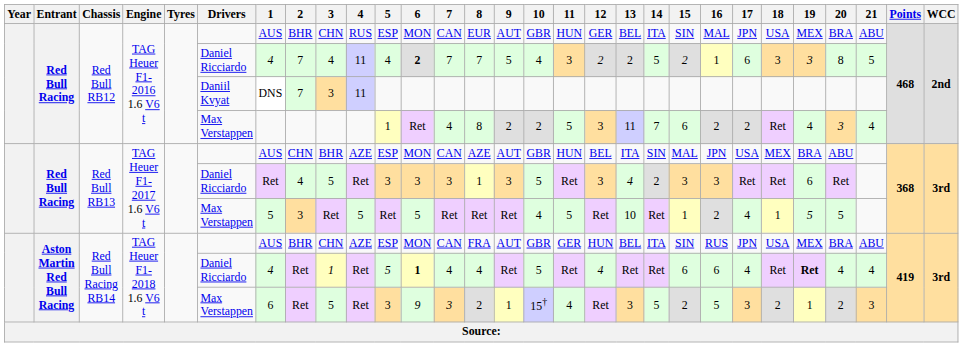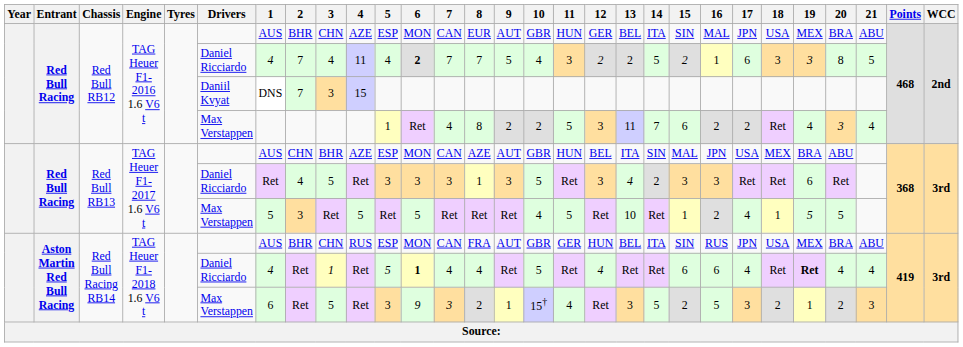 <table class="wikitable" style="text-align:center; font-size:85%;">
 <tr>
 <th>Year</th>
 <th>Entrant</th>
 <th>Chassis</th>
 <th>Engine</th>
 <th>Tyres</th>
 <th>Drivers</th>
 <th>1</th>
 <th>2</th>
 <th>3</th>
 <th>4</th>
 <th>5</th>
 <th>6</th>
 <th>7</th>
 <th>8</th>
 <th>9</th>
 <th>10</th>
 <th>11</th>
 <th>12</th>
 <th>13</th>
 <th>14</th>
 <th>15</th>
 <th>16</th>
 <th>17</th>
 <th>18</th>
 <th>19</th>
 <th>20</th>
 <th>21</th>
 <th><a href='#'>Points</a></th>
 <th>WCC</th>
 </tr>
 <tr>
 <th rowspan="4"></th>
 <th rowspan="4"><a href='#'>Red Bull Racing</a></th>
 <td rowspan="4"><a href='#'>Red Bull RB12</a></td>
 <td rowspan="4"><a href='#'>TAG Heuer F1-2016</a> 1.6 <a href='#'>V6</a> <a href='#'>t</a></td>
 <td rowspan="4"></td>
 <td></td>
 <td><a href='#'>AUS</a></td>
 <td><a href='#'>BHR</a></td>
 <td><a href='#'>CHN</a></td>
-<td><a href='#'>RUS</a></td>
+<td><a href='#'>AZE</a></td>
 <td><a href='#'>ESP</a></td>
 <td><a href='#'>MON</a></td>
 <td><a href='#'>CAN</a></td>
 <td><a href='#'>EUR</a></td>
 <td><a href='#'>AUT</a></td>
 <td><a href='#'>GBR</a></td>
 <td><a href='#'>HUN</a></td>
 <td><a href='#'>GER</a></td>
 <td><a href='#'>BEL</a></td>
 <td><a href='#'>ITA</a></td>
 <td><a href='#'>SIN</a></td>
 <td><a href='#'>MAL</a></td>
 <td><a href='#'>JPN</a></td>
 <td><a href='#'>USA</a></td>
 <td><a href='#'>MEX</a></td>
 <td><a href='#'>BRA</a></td>
 <td><a href='#'>ABU</a></td>
 <td style="background:#dfdfdf;" rowspan="4"><strong>468</strong></td>
 <td style="background:#dfdfdf;" rowspan="4"><strong>2nd</strong></td>
 </tr>
 <tr>
 <td align="left"> <a href='#'>Daniel Ricciardo</a></td>
 <td style="background:#dfffdf;"><em>4</em></td>
 <td style="background:#dfffdf;">7</td>
 <td style="background:#dfffdf;">4</td>
 <td style="background:#cfcfff;">11</td>
 <td style="background:#dfffdf;">4</td>
 <td style="background:#dfdfdf;"><strong>2</strong></td>
 <td style="background:#dfffdf;">7</td>
 <td style="background:#dfffdf;">7</td>
 <td style="background:#dfffdf;">5</td>
 <td style="background:#dfffdf;">4</td>
 <td style="background:#ffdf9f;">3</td>
 <td style="background:#dfdfdf;"><em>2</em></td>
 <td style="background:#dfdfdf;">2</td>
 <td style="background:#dfffdf;">5</td>
 <td style="background:#dfdfdf;"><em>2</em></td>
 <td style="background:#ffffbf;">1</td>
 <td style="background:#dfffdf;">6</td>
 <td style="background:#ffdf9f;">3</td>
 <td style="background:#ffdf9f;"><em>3</em></td>
 <td style="background:#dfffdf;">8</td>
 <td style="background:#dfffdf;">5</td>
 </tr>
 <tr>
 <td align="left"> <a href='#'>Daniil Kvyat</a></td>
 <td style="background:#ffffff;">DNS</td>
 <td style="background:#dfffdf;">7</td>
 <td style="background:#ffdf9f;">3</td>
-<td style="background:#cfcfff;">11</td>
+<td style="background:#cfcfff;">15</td>
 <td></td>
 <td></td>
 <td></td>
 <td></td>
 <td></td>
 <td></td>
 <td></td>
 <td></td>
 <td></td>
 <td></td>
 <td></td>
 <td></td>
 <td></td>
 <td></td>
 <td></td>
 <td></td>
 <td></td>
 </tr>
 <tr>
 <td align="left"> <a href='#'>Max Verstappen</a></td>
 <td></td>
 <td></td>
 <td></td>
 <td></td>
 <td style="background:#ffffbf;">1</td>
 <td style="background:#efcfff;">Ret</td>
 <td style="background:#dfffdf;">4</td>
 <td style="background:#dfffdf;">8</td>
 <td style="background:#dfdfdf;">2</td>
 <td style="background:#dfdfdf;">2</td>
 <td style="background:#dfffdf;">5</td>
 <td style="background:#ffdf9f;">3</td>
 <td style="background:#cfcfff;">11</td>
 <td style="background:#dfffdf;">7</td>
 <td style="background:#dfffdf;">6</td>
 <td style="background:#dfdfdf;">2</td>
 <td style="background:#dfdfdf;">2</td>
 <td style="background:#efcfff;">Ret</td>
 <td style="background:#dfffdf;">4</td>
 <td style="background:#ffdf9f;"><em>3</em></td>
 <td style="background:#dfffdf;">4</td>
 </tr>
 <tr>
 <th rowspan="3"></th>
 <th rowspan="3"><a href='#'>Red Bull Racing</a></th>
 <td rowspan="3"><a href='#'>Red Bull RB13</a></td>
 <td rowspan="3"><a href='#'>TAG Heuer F1-2017</a> 1.6 <a href='#'>V6</a> <a href='#'>t</a></td>
 <td rowspan="3"></td>
 <td></td>
 <td><a href='#'>AUS</a></td>
 <td><a href='#'>CHN</a></td>
 <td><a href='#'>BHR</a></td>
 <td><a href='#'>AZE</a></td>
 <td><a href='#'>ESP</a></td>
 <td><a href='#'>MON</a></td>
 <td><a href='#'>CAN</a></td>
 <td><a href='#'>AZE</a></td>
 <td><a href='#'>AUT</a></td>
 <td><a href='#'>GBR</a></td>
 <td><a href='#'>HUN</a></td>
 <td><a href='#'>BEL</a></td>
 <td><a href='#'>ITA</a></td>
 <td><a href='#'>SIN</a></td>
 <td><a href='#'>MAL</a></td>
 <td><a href='#'>JPN</a></td>
 <td><a href='#'>USA</a></td>
 <td><a href='#'>MEX</a></td>
 <td><a href='#'>BRA</a></td>
 <td><a href='#'>ABU</a></td>
 <td></td>
 <th style="background:#ffdf9f;" rowspan="3">368</th>
 <th style="background:#ffdf9f;" rowspan="3">3rd</th>
 </tr>
 <tr>
 <td align="left"> <a href='#'>Daniel Ricciardo</a></td>
 <td style="background:#efcfff">Ret</td>
 <td style="background:#dfffdf">4</td>
 <td style="background:#dfffdf">5</td>
 <td style="background:#efcfff">Ret</td>
 <td style="background:#ffdf9f">3</td>
 <td style="background:#ffdf9f">3</td>
 <td style="background:#ffdf9f">3</td>
 <td style="background:#ffffbf">1</td>
 <td style="background:#ffdf9f">3</td>
 <td style="background:#dfffdf">5</td>
 <td style="background:#efcfff">Ret</td>
 <td style="background:#ffdf9f">3</td>
 <td style="background:#dfffdf"><em>4</em></td>
 <td style="background:#dfdfdf">2</td>
 <td style="background:#ffdf9f">3</td>
 <td style="background:#ffdf9f">3</td>
 <td style="background:#efcfff">Ret</td>
 <td style="background:#efcfff">Ret</td>
 <td style="background:#dfffdf">6</td>
 <td style="background:#efcfff">Ret</td>
 <td></td>
 </tr>
 <tr>
 <td align="left"> <a href='#'>Max Verstappen</a></td>
 <td style="background:#dfffdf">5</td>
 <td style="background:#ffdf9f">3</td>
 <td style="background:#efcfff">Ret</td>
 <td style="background:#dfffdf">5</td>
 <td style="background:#efcfff">Ret</td>
 <td style="background:#dfffdf">5</td>
 <td style="background:#efcfff">Ret</td>
 <td style="background:#efcfff">Ret</td>
 <td style="background:#efcfff">Ret</td>
 <td style="background:#dfffdf">4</td>
 <td style="background:#dfffdf">5</td>
 <td style="background:#efcfff">Ret</td>
 <td style="background:#dfffdf">10</td>
 <td style="background:#efcfff">Ret</td>
 <td style="background:#ffffbf">1</td>
 <td style="background:#dfdfdf">2</td>
 <td style="background:#dfffdf">4</td>
 <td style="background:#ffffbf">1</td>
 <td style="background:#dfffdf"><em>5</em></td>
 <td style="background:#dfffdf">5</td>
 <td></td>
 </tr>
 <tr>
 <th rowspan="3"></th>
 <th rowspan="3"><a href='#'>Aston Martin Red Bull Racing</a></th>
 <td rowspan="3"><a href='#'>Red Bull Racing RB14</a></td>
 <td rowspan="3"><a href='#'>TAG Heuer F1-2018</a> 1.6 <a href='#'>V6</a> <a href='#'>t</a></td>
 <td rowspan="3"></td>
 <td></td>
 <td><a href='#'>AUS</a></td>
 <td><a href='#'>BHR</a></td>
 <td><a href='#'>CHN</a></td>
-<td><a href='#'>AZE</a></td>
+<td><a href='#'>RUS</a></td>
 <td><a href='#'>ESP</a></td>
 <td><a href='#'>MON</a></td>
 <td><a href='#'>CAN</a></td>
 <td><a href='#'>FRA</a></td>
 <td><a href='#'>AUT</a></td>
 <td><a href='#'>GBR</a></td>
 <td><a href='#'>GER</a></td>
 <td><a href='#'>HUN</a></td>
 <td><a href='#'>BEL</a></td>
 <td><a href='#'>ITA</a></td>
 <td><a href='#'>SIN</a></td>
 <td><a href='#'>RUS</a></td>
 <td><a href='#'>JPN</a></td>
 <td><a href='#'>USA</a></td>
 <td><a href='#'>MEX</a></td>
 <td><a href='#'>BRA</a></td>
 <td><a href='#'>ABU</a></td>
 <th style="background:#ffdf9f;" rowspan="3">419</th>
 <th style="background:#ffdf9f;" rowspan="3">3rd</th>
 </tr>
 <tr>
 <td align="left"> <a href='#'>Daniel Ricciardo</a></td>
 <td style="background:#dfffdf"><em>4</em></td>
 <td style="background:#efcfff">Ret</td>
 <td style="background:#ffffbf"><em>1</em></td>
 <td style="background:#efcfff">Ret</td>
 <td style="background:#dfffdf"><em>5</em></td>
 <td style="background:#ffffbf"><strong>1</strong></td>
 <td style="background:#dfffdf">4</td>
 <td style="background:#dfffdf">4</td>
 <td style="background:#efcfff">Ret</td>
 <td style="background:#dfffdf">5</td>
 <td style="background:#efcfff">Ret</td>
 <td style="background:#dfffdf"><em>4</em></td>
 <td style="background:#efcfff">Ret</td>
 <td style="background:#efcfff">Ret</td>
 <td style="background:#dfffdf">6</td>
 <td style="background:#dfffdf">6</td>
 <td style="background:#dfffdf">4</td>
 <td style="background:#efcfff">Ret</td>
 <td style="background:#efcfff"><strong>Ret</strong></td>
 <td style="background:#dfffdf">4</td>
 <td style="background:#dfffdf">4</td>
 </tr>
 <tr>
 <td align="left"> <a href='#'>Max Verstappen</a></td>
 <td style="background:#dfffdf">6</td>
 <td style="background:#efcfff">Ret</td>
 <td style="background:#dfffdf">5</td>
 <td style="background:#efcfff">Ret</td>
 <td style="background:#ffdf9f">3</td>
 <td style="background:#dfffdf"><em>9</em></td>
 <td style="background:#ffdf9f"><em>3</em></td>
 <td style="background:#dfdfdf">2</td>
 <td style="background:#ffffbf">1</td>
 <td style="background:#cfcfff">15<sup>†</sup></td>
 <td style="background:#dfffdf">4</td>
 <td style="background:#efcfff">Ret</td>
 <td style="background:#ffdf9f">3</td>
 <td style="background:#dfffdf">5</td>
 <td style="background:#dfdfdf">2</td>
 <td style="background:#dfffdf">5</td>
 <td style="background:#ffdf9f">3</td>
 <td style="background:#dfdfdf">2</td>
 <td style="background:#ffffbf">1</td>
 <td style="background:#dfdfdf">2</td>
 <td style="background:#ffdf9f">3</td>
 </tr>
 <tr>
 <th colspan="29">Source:</th>
 </tr>
 </table>
